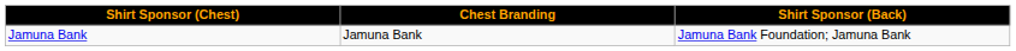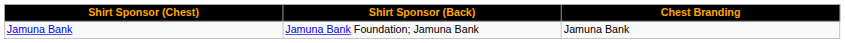 <table class="wikitable sortable">
 <tr>
 <th style="width:13%;background:  black; color: orange;">Shirt Sponsor (Chest)</th>
+<th style="width:13%;background: 	black; color: orange;">Shirt Sponsor (Back)</th>
 <th style="width:13%;background: 	black ; color: orange;">Chest Branding</th>
-<th style="width:13%;background: 	black; color: orange;">Shirt Sponsor (Back)</th>
 </tr>
 <tr>
 <td><a href='#'>Jamuna Bank</a></td>
+<td><a href='#'>Jamuna Bank</a> Foundation; Jamuna Bank</td>
 <td>Jamuna Bank</td>
-<td><a href='#'>Jamuna Bank</a> Foundation; Jamuna Bank</td>
 </tr>
 </table>
